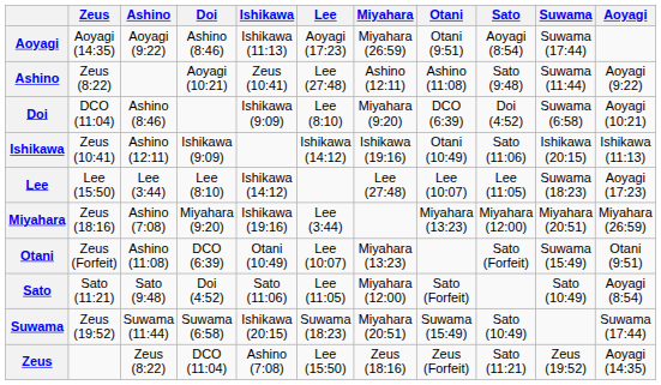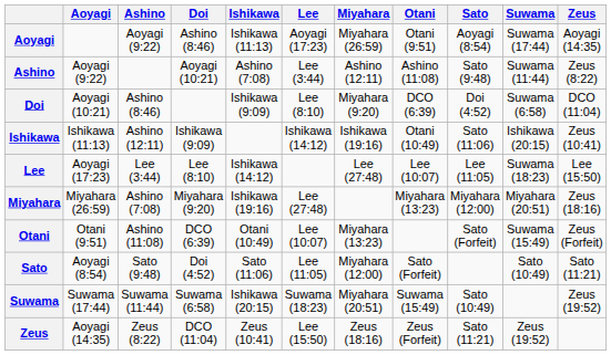 <table class="wikitable" style="margin: 1em auto 1em auto; text-align:center;">
 <tr>
 <th></th>
-<th><a href='#'>Zeus</a></th>
+<th><a href='#'>Aoyagi</a></th>
 <th><a href='#'>Ashino</a></th>
 <th><a href='#'>Doi</a></th>
 <th><a href='#'>Ishikawa</a></th>
 <th><a href='#'>Lee</a></th>
 <th><a href='#'>Miyahara</a></th>
 <th><a href='#'>Otani</a></th>
 <th><a href='#'>Sato</a></th>
 <th><a href='#'>Suwama</a></th>
-<th><a href='#'>Aoyagi</a></th>
+<th><a href='#'>Zeus</a></th>
 </tr>
 <tr>
 <th><a href='#'>Aoyagi</a></th>
-<td>Aoyagi<br>(14:35)</td>
+<td></td>
 <td>Aoyagi<br>(9:22)</td>
 <td>Ashino<br>(8:46)</td>
 <td>Ishikawa<br>(11:13)</td>
 <td>Aoyagi<br>(17:23)</td>
 <td>Miyahara<br>(26:59)</td>
 <td>Otani<br>(9:51)</td>
 <td>Aoyagi<br>(8:54)</td>
 <td>Suwama<br>(17:44)</td>
-<td></td>
+<td>Aoyagi<br>(14:35)</td>
 </tr>
 <tr>
 <th><a href='#'>Ashino</a></th>
-<td>Zeus<br>(8:22)</td>
+<td>Aoyagi<br>(9:22)</td>
 <td></td>
 <td>Aoyagi<br>(10:21)</td>
-<td>Zeus<br>(10:41)</td>
-<td>Lee<br>(27:48)</td>
+<td>Ashino<br>(7:08)</td>
+<td>Lee<br>(3:44)</td>
 <td>Ashino<br>(12:11)</td>
 <td>Ashino<br>(11:08)</td>
 <td>Sato<br>(9:48)</td>
 <td>Suwama<br>(11:44)</td>
-<td>Aoyagi<br>(9:22)</td>
+<td>Zeus<br>(8:22)</td>
 </tr>
 <tr>
 <th><a href='#'>Doi</a></th>
-<td>DCO<br>(11:04)</td>
+<td>Aoyagi<br>(10:21)</td>
 <td>Ashino<br>(8:46)</td>
 <td></td>
 <td>Ishikawa<br>(9:09)</td>
 <td>Lee<br>(8:10)</td>
 <td>Miyahara<br>(9:20)</td>
 <td>DCO<br>(6:39)</td>
 <td>Doi<br>(4:52)</td>
 <td>Suwama<br>(6:58)</td>
-<td>Aoyagi<br>(10:21)</td>
+<td>DCO<br>(11:04)</td>
 </tr>
 <tr>
 <th><a href='#'>Ishikawa</a></th>
-<td>Zeus<br>(10:41)</td>
+<td>Ishikawa<br>(11:13)</td>
 <td>Ashino<br>(12:11)</td>
 <td>Ishikawa<br>(9:09)</td>
 <td></td>
 <td>Ishikawa<br>(14:12)</td>
 <td>Ishikawa<br>(19:16)</td>
 <td>Otani<br>(10:49)</td>
 <td>Sato<br>(11:06)</td>
 <td>Ishikawa<br>(20:15)</td>
-<td>Ishikawa<br>(11:13)</td>
+<td>Zeus<br>(10:41)</td>
 </tr>
 <tr>
 <th><a href='#'>Lee</a></th>
-<td>Lee<br>(15:50)</td>
+<td>Aoyagi<br>(17:23)</td>
 <td>Lee<br>(3:44)</td>
 <td>Lee<br>(8:10)</td>
 <td>Ishikawa<br>(14:12)</td>
 <td></td>
 <td>Lee<br>(27:48)</td>
 <td>Lee<br>(10:07)</td>
 <td>Lee<br>(11:05)</td>
 <td>Suwama<br>(18:23)</td>
-<td>Aoyagi<br>(17:23)</td>
+<td>Lee<br>(15:50)</td>
 </tr>
 <tr>
 <th><a href='#'>Miyahara</a></th>
-<td>Zeus<br>(18:16)</td>
+<td>Miyahara<br>(26:59)</td>
 <td>Ashino<br>(7:08)</td>
 <td>Miyahara<br>(9:20)</td>
 <td>Ishikawa<br>(19:16)</td>
-<td>Lee<br>(3:44)</td>
+<td>Lee<br>(27:48)</td>
 <td></td>
 <td>Miyahara<br>(13:23)</td>
 <td>Miyahara<br>(12:00)</td>
 <td>Miyahara<br>(20:51)</td>
-<td>Miyahara<br>(26:59)</td>
+<td>Zeus<br>(18:16)</td>
 </tr>
 <tr>
 <th><a href='#'>Otani</a></th>
-<td>Zeus<br>(Forfeit)</td>
+<td>Otani<br>(9:51)</td>
 <td>Ashino<br>(11:08)</td>
 <td>DCO<br>(6:39)</td>
 <td>Otani<br>(10:49)</td>
 <td>Lee<br>(10:07)</td>
 <td>Miyahara<br>(13:23)</td>
 <td></td>
 <td>Sato<br>(Forfeit)</td>
 <td>Suwama<br>(15:49)</td>
-<td>Otani<br>(9:51)</td>
+<td>Zeus<br>(Forfeit)</td>
 </tr>
 <tr>
 <th><a href='#'>Sato</a></th>
-<td>Sato<br>(11:21)</td>
+<td>Aoyagi<br>(8:54)</td>
 <td>Sato<br>(9:48)</td>
 <td>Doi<br>(4:52)</td>
 <td>Sato<br>(11:06)</td>
 <td>Lee<br>(11:05)</td>
 <td>Miyahara<br>(12:00)</td>
 <td>Sato<br>(Forfeit)</td>
 <td></td>
 <td>Sato<br>(10:49)</td>
-<td>Aoyagi<br>(8:54)</td>
+<td>Sato<br>(11:21)</td>
 </tr>
 <tr>
 <th><a href='#'>Suwama</a></th>
-<td>Zeus<br>(19:52)</td>
+<td>Suwama<br>(17:44)</td>
 <td>Suwama<br>(11:44)</td>
 <td>Suwama<br>(6:58)</td>
 <td>Ishikawa<br>(20:15)</td>
 <td>Suwama<br>(18:23)</td>
 <td>Miyahara<br>(20:51)</td>
 <td>Suwama<br>(15:49)</td>
 <td>Sato<br>(10:49)</td>
 <td></td>
-<td>Suwama<br>(17:44)</td>
+<td>Zeus<br>(19:52)</td>
 </tr>
 <tr>
 <th><a href='#'>Zeus</a></th>
-<td></td>
+<td>Aoyagi<br>(14:35)</td>
 <td>Zeus<br>(8:22)</td>
 <td>DCO<br>(11:04)</td>
-<td>Ashino<br>(7:08)</td>
+<td>Zeus<br>(10:41)</td>
 <td>Lee<br>(15:50)</td>
 <td>Zeus<br>(18:16)</td>
 <td>Zeus<br>(Forfeit)</td>
 <td>Sato<br>(11:21)</td>
 <td>Zeus<br>(19:52)</td>
-<td>Aoyagi<br>(14:35)</td>
+<td></td>
 </tr>
 </table>
